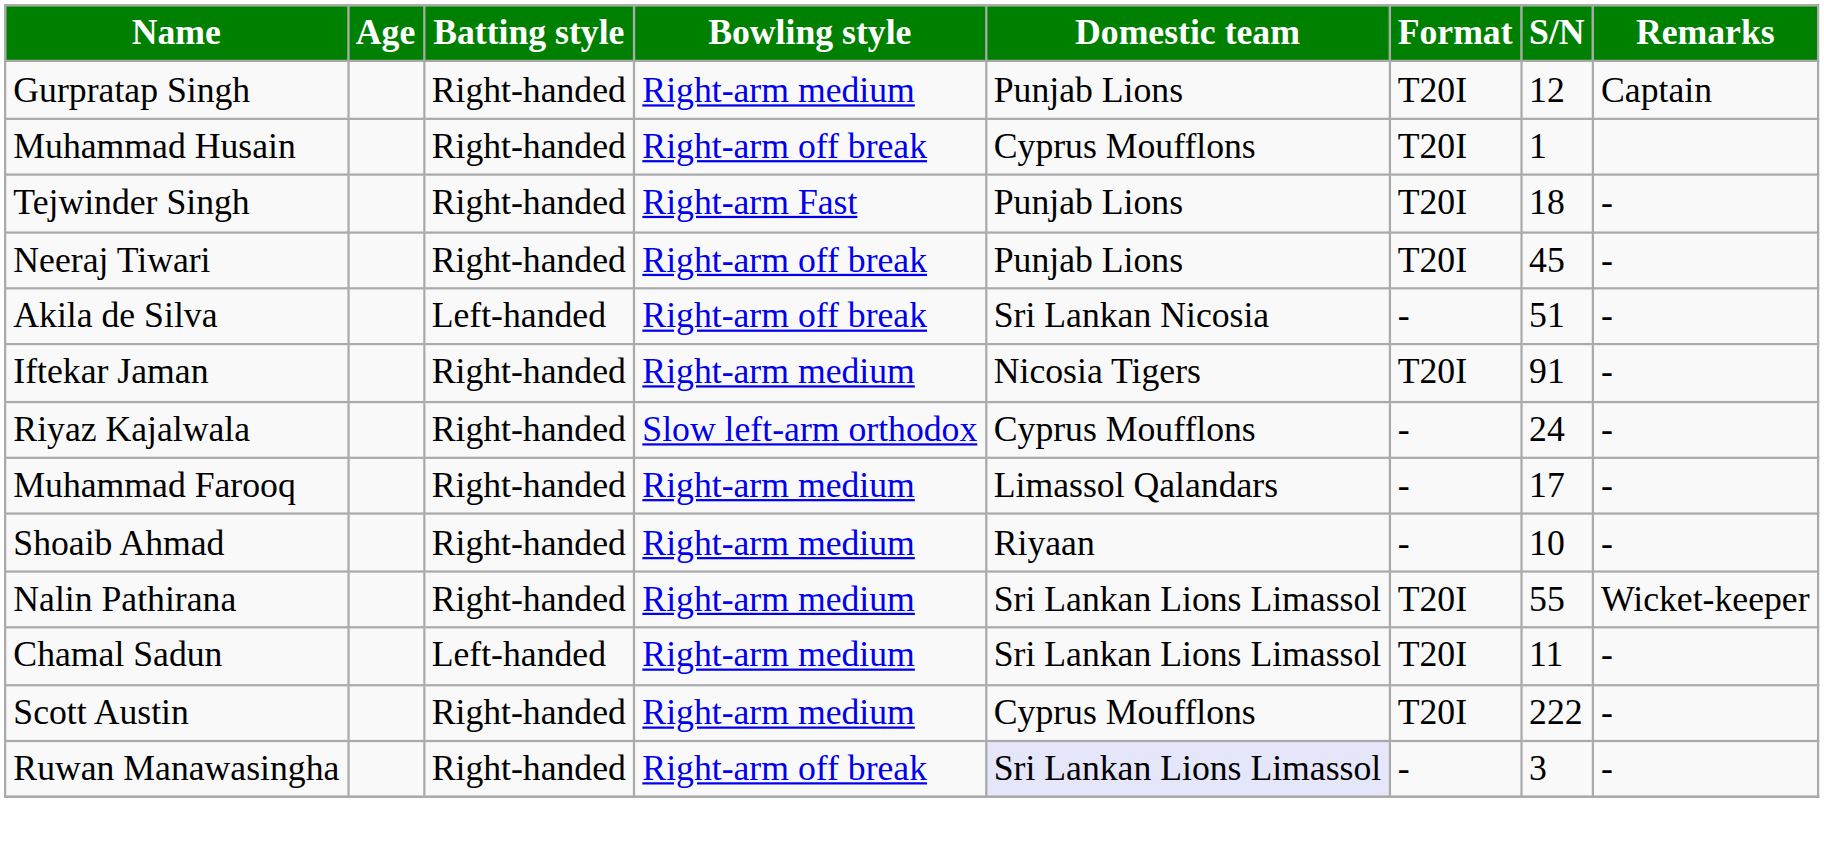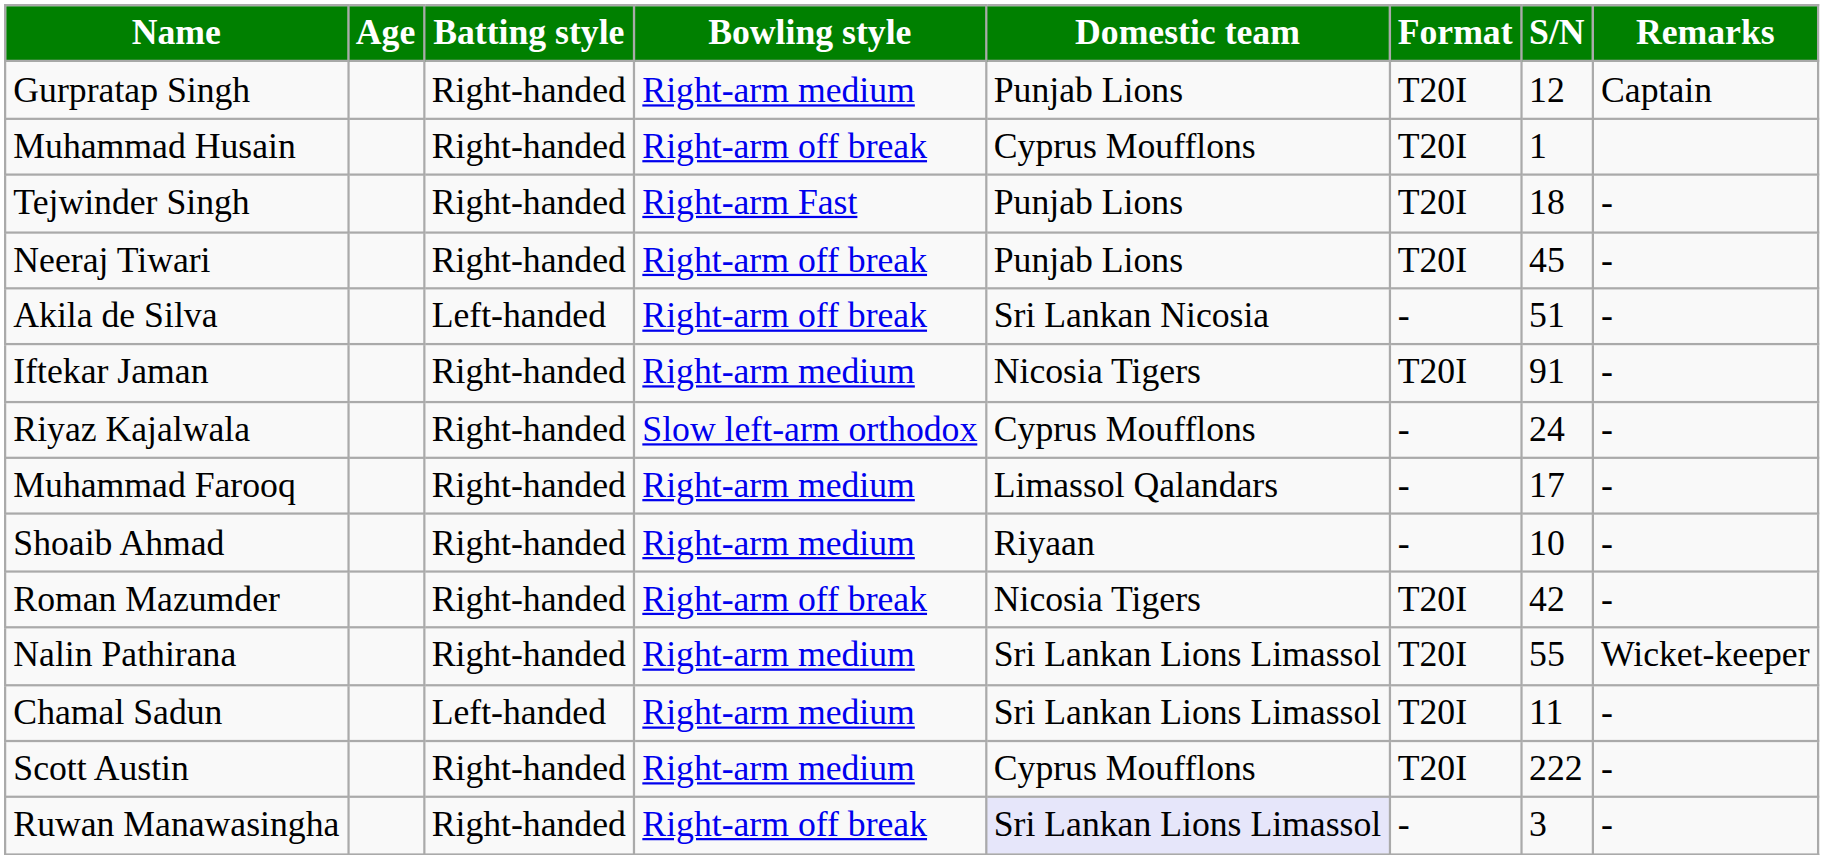 <table class="wikitable">
 <tr>
 <th style="text-align:center; background:Green; color:white;">Name</th>
 <th style="text-align:center; background:Green; color:white;">Age</th>
 <th style="text-align:center; background:Green; color:white;">Batting style</th>
 <th style="text-align:center; background:Green; color:white;">Bowling style</th>
 <th style="text-align:center; background:Green; color:white;">Domestic team</th>
 <th style="text-align:center; background:Green; color:white;">Format</th>
 <th style="text-align:center; background:Green; color:white;">S/N</th>
 <th style="text-align:center; background:Green; color:white;">Remarks</th>
 </tr>
 <tr>
 <td>Gurpratap Singh</td>
 <td></td>
 <td>Right-handed</td>
 <td><a href='#'>Right-arm medium</a></td>
 <td>Punjab Lions</td>
 <td>T20I</td>
 <td>12</td>
 <td>Captain</td>
 </tr>
 <tr>
 <td>Muhammad Husain</td>
 <td></td>
 <td>Right-handed</td>
 <td><a href='#'>Right-arm off break</a></td>
 <td>Cyprus Moufflons</td>
 <td>T20I</td>
 <td>1</td>
 <td></td>
 </tr>
 <tr>
 <td>Tejwinder Singh</td>
 <td></td>
 <td>Right-handed</td>
 <td><a href='#'>Right-arm Fast</a></td>
 <td>Punjab Lions</td>
 <td>T20I</td>
 <td>18</td>
 <td>-</td>
 </tr>
 <tr>
 <td>Neeraj Tiwari</td>
 <td></td>
 <td>Right-handed</td>
 <td><a href='#'>Right-arm off break</a></td>
 <td>Punjab Lions</td>
 <td>T20I</td>
 <td>45</td>
 <td>-</td>
 </tr>
 <tr>
 <td>Akila de Silva</td>
 <td></td>
 <td>Left-handed</td>
 <td><a href='#'>Right-arm off break</a></td>
 <td>Sri Lankan Nicosia</td>
 <td>-</td>
 <td>51</td>
 <td>-</td>
 </tr>
 <tr>
 <td>Iftekar Jaman</td>
 <td></td>
 <td>Right-handed</td>
 <td><a href='#'>Right-arm medium</a></td>
 <td>Nicosia Tigers</td>
 <td>T20I</td>
 <td>91</td>
 <td>-</td>
 </tr>
 <tr>
 <td>Riyaz Kajalwala</td>
 <td></td>
 <td>Right-handed</td>
 <td><a href='#'>Slow left-arm orthodox</a></td>
 <td>Cyprus Moufflons</td>
 <td>-</td>
 <td>24</td>
 <td>-</td>
 </tr>
 <tr>
 <td>Muhammad Farooq</td>
 <td></td>
 <td>Right-handed</td>
 <td><a href='#'>Right-arm medium</a></td>
 <td>Limassol Qalandars</td>
 <td>-</td>
 <td>17</td>
 <td>-</td>
 </tr>
 <tr>
 <td>Shoaib Ahmad</td>
 <td></td>
 <td>Right-handed</td>
 <td><a href='#'>Right-arm medium</a></td>
 <td>Riyaan</td>
 <td>-</td>
 <td>10</td>
 <td>-</td>
 </tr>
 <tr>
+<td>Roman Mazumder</td>
+<td></td>
+<td>Right-handed</td>
+<td><a href='#'>Right-arm off break</a></td>
+<td>Nicosia Tigers</td>
+<td>T20I</td>
+<td>42</td>
+<td>-</td>
+</tr>
+<tr>
 <td>Nalin Pathirana</td>
 <td></td>
 <td>Right-handed</td>
 <td><a href='#'>Right-arm medium</a></td>
 <td>Sri Lankan Lions Limassol</td>
 <td>T20I</td>
 <td>55</td>
 <td>Wicket-keeper</td>
 </tr>
 <tr>
 <td>Chamal Sadun</td>
 <td></td>
 <td>Left-handed</td>
 <td><a href='#'>Right-arm medium</a></td>
 <td>Sri Lankan Lions Limassol</td>
 <td>T20I</td>
 <td>11</td>
 <td>-</td>
 </tr>
 <tr>
 <td>Scott Austin</td>
 <td></td>
 <td>Right-handed</td>
 <td><a href='#'>Right-arm medium</a></td>
 <td>Cyprus Moufflons</td>
 <td>T20I</td>
 <td>222</td>
 <td>-</td>
 </tr>
 <tr>
 <td>Ruwan Manawasingha</td>
 <td></td>
 <td>Right-handed</td>
 <td><a href='#'>Right-arm off break</a></td>
 <td style="background: lavender;">Sri Lankan Lions Limassol</td>
 <td>-</td>
 <td>3</td>
 <td>-</td>
 </tr>
 <tr>
 </tr>
 </table>
